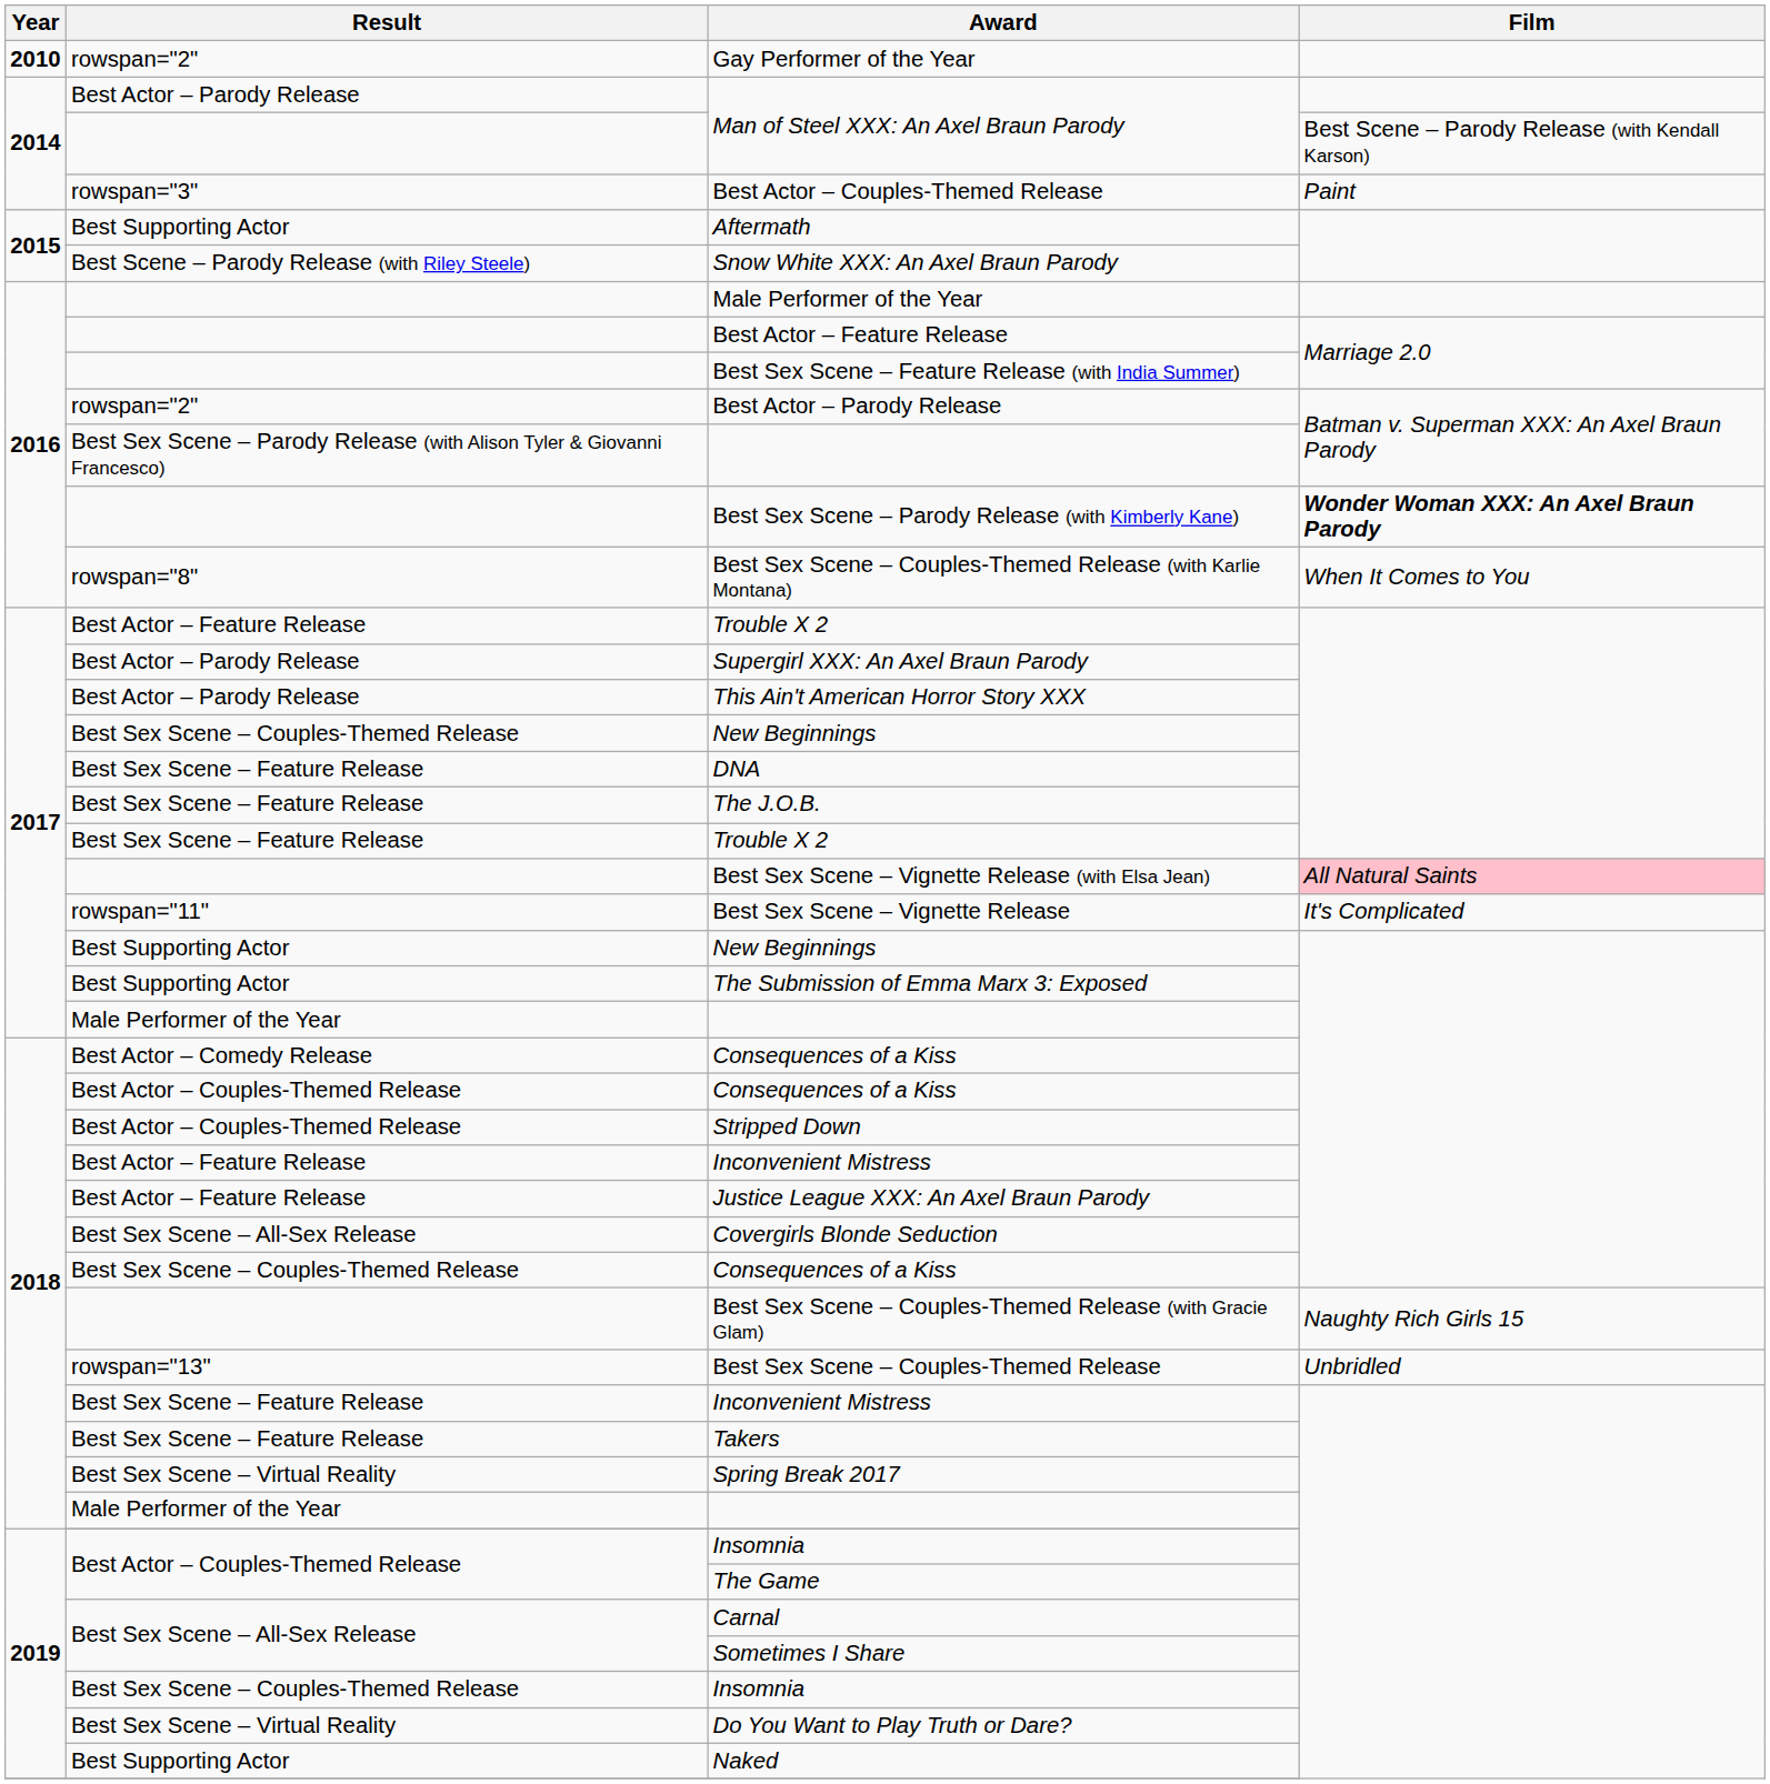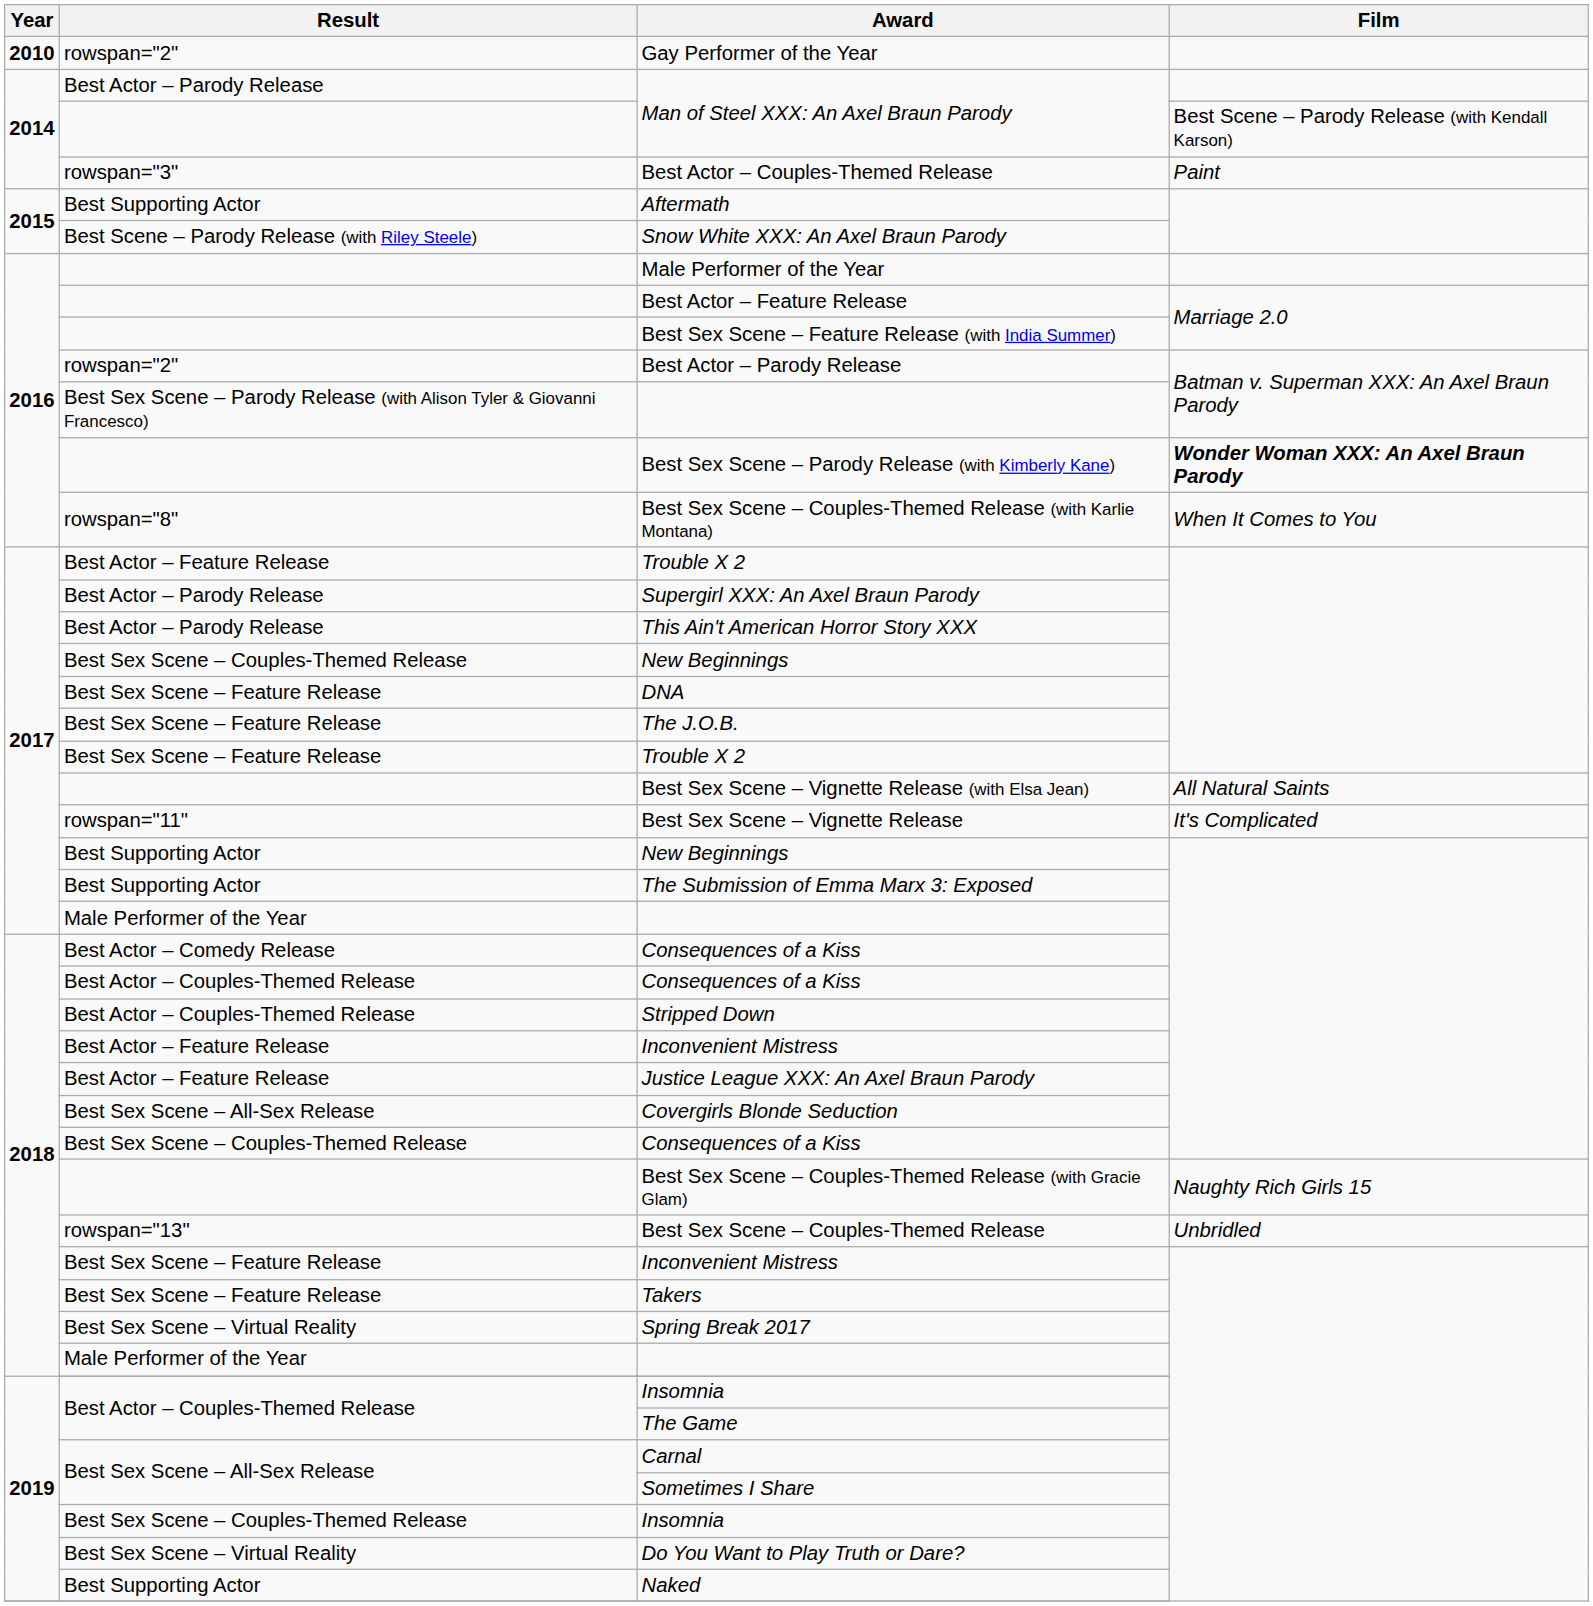 <table class="wikitable">
 <tr>
 <th>Year</th>
 <th>Result</th>
 <th>Award</th>
 <th>Film</th>
 </tr>
 <tr>
 <td><strong>2010</strong></td>
 <td>rowspan="2" </td>
 <td>Gay Performer of the Year</td>
 <td></td>
 </tr>
 <tr>
 <td rowspan="3"><strong>2014</strong></td>
 <td>Best Actor – Parody Release</td>
 <td rowspan="2"><em>Man of Steel XXX: An Axel Braun Parody</em></td>
 </tr>
 <tr>
 <td></td>
 <td>Best Scene – Parody Release <small>(with Kendall Karson)</small></td>
 </tr>
 <tr>
 <td>rowspan="3" </td>
 <td>Best Actor – Couples-Themed Release</td>
 <td><em>Paint</em></td>
 </tr>
 <tr>
 <td rowspan="2"><strong>2015</strong></td>
 <td>Best Supporting Actor</td>
 <td><em>Aftermath</em></td>
 </tr>
 <tr>
 <td>Best Scene – Parody Release <small>(with <a href='#'>Riley Steele</a>)</small></td>
 <td><em>Snow White XXX: An Axel Braun Parody</em></td>
 </tr>
 <tr>
 <td rowspan="7"><strong>2016</strong></td>
 <td></td>
 <td>Male Performer of the Year</td>
 <td></td>
 </tr>
 <tr>
 <td></td>
 <td>Best Actor – Feature Release</td>
 <td rowspan="2"><em>Marriage 2.0</em></td>
 </tr>
 <tr>
 <td></td>
 <td>Best Sex Scene – Feature Release <small>(with <a href='#'>India Summer</a>)</small></td>
 </tr>
 <tr>
 <td>rowspan="2" </td>
 <td>Best Actor – Parody Release</td>
 <td rowspan="2"><em>Batman v. Superman XXX: An Axel Braun Parody</em></td>
 </tr>
 <tr>
 <td>Best Sex Scene – Parody Release <small>(with Alison Tyler & Giovanni Francesco)</small></td>
 </tr>
 <tr>
 <td></td>
 <td>Best Sex Scene – Parody Release <small>(with <a href='#'>Kimberly Kane</a>)</small></td>
 <td><strong><em>Wonder Woman XXX: An Axel Braun Parody</em></strong></td>
 </tr>
 <tr>
 <td>rowspan="8" </td>
 <td>Best Sex Scene – Couples-Themed Release <small>(with Karlie Montana)</small></td>
 <td><em>When It Comes to You</em></td>
 </tr>
 <tr>
 <td rowspan="12"><strong>2017</strong></td>
 <td>Best Actor – Feature Release</td>
 <td><em>Trouble X 2</em></td>
 </tr>
 <tr>
 <td>Best Actor – Parody Release</td>
 <td><em>Supergirl XXX: An Axel Braun Parody</em></td>
 </tr>
 <tr>
 <td>Best Actor – Parody Release</td>
 <td><em>This Ain't American Horror Story XXX</em></td>
 </tr>
 <tr>
 <td>Best Sex Scene – Couples-Themed Release</td>
 <td><em>New Beginnings</em></td>
 </tr>
 <tr>
 <td>Best Sex Scene – Feature Release</td>
 <td><em>DNA</em></td>
 </tr>
 <tr>
 <td>Best Sex Scene – Feature Release</td>
 <td><em>The J.O.B.</em></td>
 </tr>
 <tr>
 <td>Best Sex Scene – Feature Release</td>
 <td><em>Trouble X 2</em></td>
 </tr>
 <tr>
 <td></td>
 <td>Best Sex Scene – Vignette Release <small>(with Elsa Jean)</small></td>
-<td style="background: pink;"><em>All Natural Saints</em></td>
+<td><em>All Natural Saints</em></td>
 </tr>
 <tr>
 <td>rowspan="11" </td>
 <td>Best Sex Scene – Vignette Release</td>
 <td><em>It's Complicated</em></td>
 </tr>
 <tr>
 <td>Best Supporting Actor</td>
 <td><em>New Beginnings</em></td>
 </tr>
 <tr>
 <td>Best Supporting Actor</td>
 <td><em>The Submission of Emma Marx 3: Exposed</em></td>
 </tr>
 <tr>
 <td>Male Performer of the Year</td>
 <td></td>
 </tr>
 <tr>
 <td rowspan="13"><strong>2018</strong></td>
 <td>Best Actor – Comedy Release</td>
 <td><em>Consequences of a Kiss</em></td>
 </tr>
 <tr>
 <td>Best Actor – Couples-Themed Release</td>
 <td><em>Consequences of a Kiss</em></td>
 </tr>
 <tr>
 <td>Best Actor – Couples-Themed Release</td>
 <td><em>Stripped Down</em></td>
 </tr>
 <tr>
 <td>Best Actor – Feature Release</td>
 <td><em>Inconvenient Mistress</em></td>
 </tr>
 <tr>
 <td>Best Actor – Feature Release</td>
 <td><em>Justice League XXX: An Axel Braun Parody</em></td>
 </tr>
 <tr>
 <td>Best Sex Scene – All-Sex Release</td>
 <td><em>Covergirls Blonde Seduction</em></td>
 </tr>
 <tr>
 <td>Best Sex Scene – Couples-Themed Release</td>
 <td><em>Consequences of a Kiss</em></td>
 </tr>
 <tr>
 <td></td>
 <td>Best Sex Scene – Couples-Themed Release <small>(with Gracie Glam)</small></td>
 <td><em>Naughty Rich Girls 15</em></td>
 </tr>
 <tr>
 <td>rowspan="13" </td>
 <td>Best Sex Scene – Couples-Themed Release</td>
 <td><em>Unbridled</em></td>
 </tr>
 <tr>
 <td>Best Sex Scene – Feature Release</td>
 <td><em>Inconvenient Mistress</em></td>
 </tr>
 <tr>
 <td>Best Sex Scene – Feature Release</td>
 <td><em>Takers</em></td>
 </tr>
 <tr>
 <td>Best Sex Scene – Virtual Reality</td>
 <td><em>Spring Break 2017</em></td>
 </tr>
 <tr>
 <td>Male Performer of the Year</td>
 <td></td>
 </tr>
 <tr>
 <td rowspan="8"><strong>2019</strong></td>
 </tr>
 <tr>
 <td rowspan="2">Best Actor – Couples-Themed Release</td>
 <td><em>Insomnia</em></td>
 </tr>
 <tr>
 <td><em>The Game</em></td>
 </tr>
 <tr>
 <td rowspan="2">Best Sex Scene – All-Sex Release</td>
 <td><em>Carnal</em></td>
 </tr>
 <tr>
 <td><em>Sometimes I Share</em></td>
 </tr>
 <tr>
 <td>Best Sex Scene – Couples-Themed Release</td>
 <td><em>Insomnia</em></td>
 </tr>
 <tr>
 <td>Best Sex Scene – Virtual Reality</td>
 <td><em>Do You Want to Play Truth or Dare?</em></td>
 </tr>
 <tr>
 <td>Best Supporting Actor</td>
 <td><em>Naked</em></td>
 </tr>
 <tr>
 </tr>
 </table>
